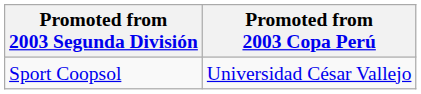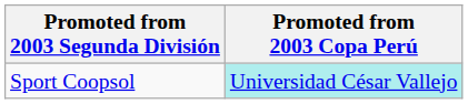 <table class="wikitable">
 <tr>
 <th>Promoted from<br><a href='#'>2003 Segunda División</a></th>
 <th>Promoted from<br><a href='#'>2003 Copa Perú</a></th>
 </tr>
 <tr>
 <td> <a href='#'>Sport Coopsol</a> </td>
-<td> <a href='#'>Universidad César Vallejo</a> </td>
+<td style="background: paleturquoise;"> <a href='#'>Universidad César Vallejo</a> </td>
 </tr>
 </table>
